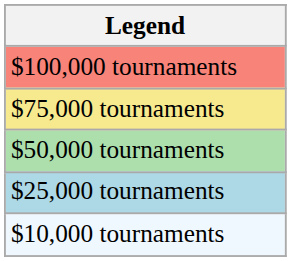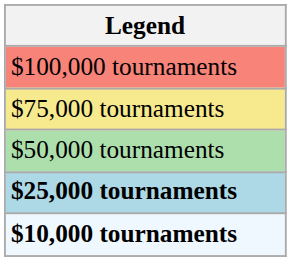 <table class=wikitable style="font-size:85%; width:12%;">
 <tr>
 <th>Legend</th>
 </tr>
 <tr style="background:#f88379;">
 <td>$100,000 tournaments</td>
 </tr>
 <tr style="background:#f7e98e;">
 <td>$75,000 tournaments</td>
 </tr>
 <tr style="background:#addfad;">
 <td>$50,000 tournaments</td>
 </tr>
 <tr style="background:lightblue;">
-<td>$25,000 tournaments</td>
+<td><strong>$25,000 tournaments</strong></td>
 </tr>
 <tr style="background:#f0f8ff;">
-<td>$10,000 tournaments</td>
+<td><strong>$10,000 tournaments</strong></td>
 </tr>
 </table>
